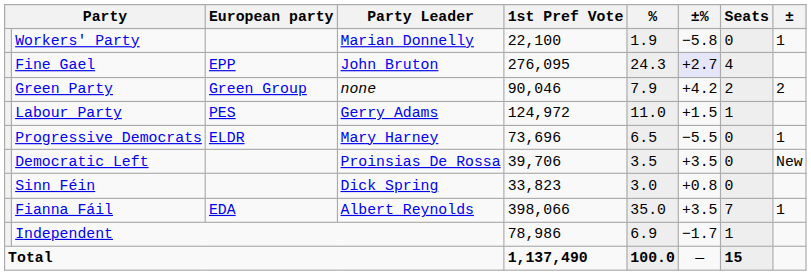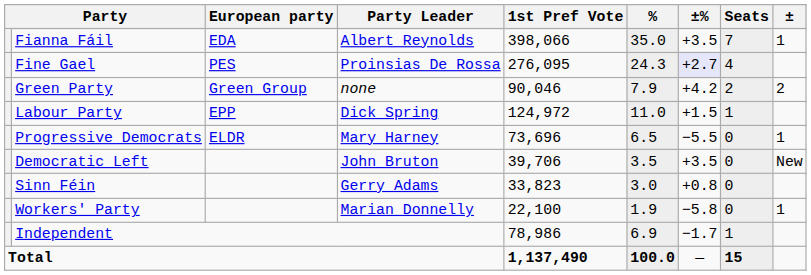 <table class="wikitable">
 <tr style="background-color:#C9C9C9">
 <th colspan=2>Party</th>
 <th>European party</th>
 <th>Party Leader</th>
 <th>1st Pref Vote</th>
 <th>%</th>
 <th>±%</th>
 <th>Seats</th>
 <th>±</th>
 </tr>
 <tr>
 <th style="background-color: "></th>
-<td><a href='#'>Workers' Party</a></td>
-<td></td>
-<td><a href='#'>Marian Donnelly</a></td>
-<td>22,100</td>
-<td style="background-color:#EEEEEE">1.9</td>
-<td>−5.8</td>
-<td style="background-color:#EEEEEE">0</td>
+<td><a href='#'>Fianna Fáil</a></td>
+<td><a href='#'>EDA</a></td>
+<td><a href='#'>Albert Reynolds</a></td>
+<td>398,066</td>
+<td style="background-color:#EEEEEE">35.0</td>
+<td>+3.5</td>
+<td style="background-color:#EEEEEE">7</td>
 <td>1</td>
 </tr>
 <tr>
 <th style="background-color: "></th>
 <td><a href='#'>Fine Gael</a></td>
-<td><a href='#'>EPP</a></td>
-<td><a href='#'>John Bruton</a></td>
+<td><a href='#'>PES</a></td>
+<td><a href='#'>Proinsias De Rossa</a></td>
 <td>276,095</td>
 <td style="background-color:#EEEEEE">24.3</td>
 <td style="background: lavender;">+2.7</td>
 <td style="background-color:#EEEEEE">4</td>
 <td></td>
 </tr>
 <tr>
 <th style="background-color: "></th>
 <td><a href='#'>Green Party</a></td>
 <td><a href='#'>Green Group</a></td>
 <td><em>none</em></td>
 <td>90,046</td>
 <td style="background-color:#EEEEEE">7.9</td>
 <td>+4.2</td>
 <td style="background-color:#EEEEEE">2</td>
 <td>2</td>
 </tr>
 <tr>
 <th style="background-color: "></th>
 <td><a href='#'>Labour Party</a></td>
-<td><a href='#'>PES</a></td>
-<td><a href='#'>Gerry Adams</a></td>
+<td><a href='#'>EPP</a></td>
+<td><a href='#'>Dick Spring</a></td>
 <td>124,972</td>
 <td style="background-color:#EEEEEE">11.0</td>
 <td>+1.5</td>
 <td style="background-color:#EEEEEE">1</td>
 <td></td>
 </tr>
 <tr>
 <th style="background-color: "></th>
 <td><a href='#'>Progressive Democrats</a></td>
 <td><a href='#'>ELDR</a></td>
 <td><a href='#'>Mary Harney</a></td>
 <td>73,696</td>
 <td style="background-color:#EEEEEE">6.5</td>
 <td>−5.5</td>
 <td style="background-color:#EEEEEE">0</td>
 <td>1</td>
 </tr>
 <tr>
 <th style="background-color: "></th>
 <td><a href='#'>Democratic Left</a></td>
 <td></td>
-<td><a href='#'>Proinsias De Rossa</a></td>
+<td><a href='#'>John Bruton</a></td>
 <td>39,706</td>
 <td style="background-color:#EEEEEE">3.5</td>
 <td>+3.5</td>
 <td style="background-color:#EEEEEE">0</td>
 <td>New</td>
 </tr>
 <tr>
 <th style="background-color: "></th>
 <td><a href='#'>Sinn Féin</a></td>
 <td></td>
-<td><a href='#'>Dick Spring</a></td>
+<td><a href='#'>Gerry Adams</a></td>
 <td>33,823</td>
 <td style="background-color:#EEEEEE">3.0</td>
 <td>+0.8</td>
 <td style="background-color:#EEEEEE">0</td>
 <td></td>
 </tr>
 <tr>
 <th style="background-color: "></th>
-<td><a href='#'>Fianna Fáil</a></td>
-<td><a href='#'>EDA</a></td>
-<td><a href='#'>Albert Reynolds</a></td>
-<td>398,066</td>
-<td style="background-color:#EEEEEE">35.0</td>
-<td>+3.5</td>
-<td style="background-color:#EEEEEE">7</td>
+<td><a href='#'>Workers' Party</a></td>
+<td></td>
+<td><a href='#'>Marian Donnelly</a></td>
+<td>22,100</td>
+<td style="background-color:#EEEEEE">1.9</td>
+<td>−5.8</td>
+<td style="background-color:#EEEEEE">0</td>
 <td>1</td>
 </tr>
 <tr>
 <th style="background-color: "></th>
 <td colspan=3><a href='#'>Independent</a></td>
 <td>78,986</td>
 <td style="background-color:#EEEEEE">6.9</td>
 <td>−1.7</td>
 <td style="background-color:#EEEEEE">1</td>
 <td></td>
 </tr>
 <tr>
 <td colspan=4><strong>Total</strong></td>
 <td><strong>1,137,490</strong></td>
 <td style="background-color:#EEEEEE"><strong>100.0</strong></td>
 <td align=center>—</td>
 <td style="background-color:#EEEEEE"><strong>15</strong></td>
 <td align=center></td>
 </tr>
 </table>
